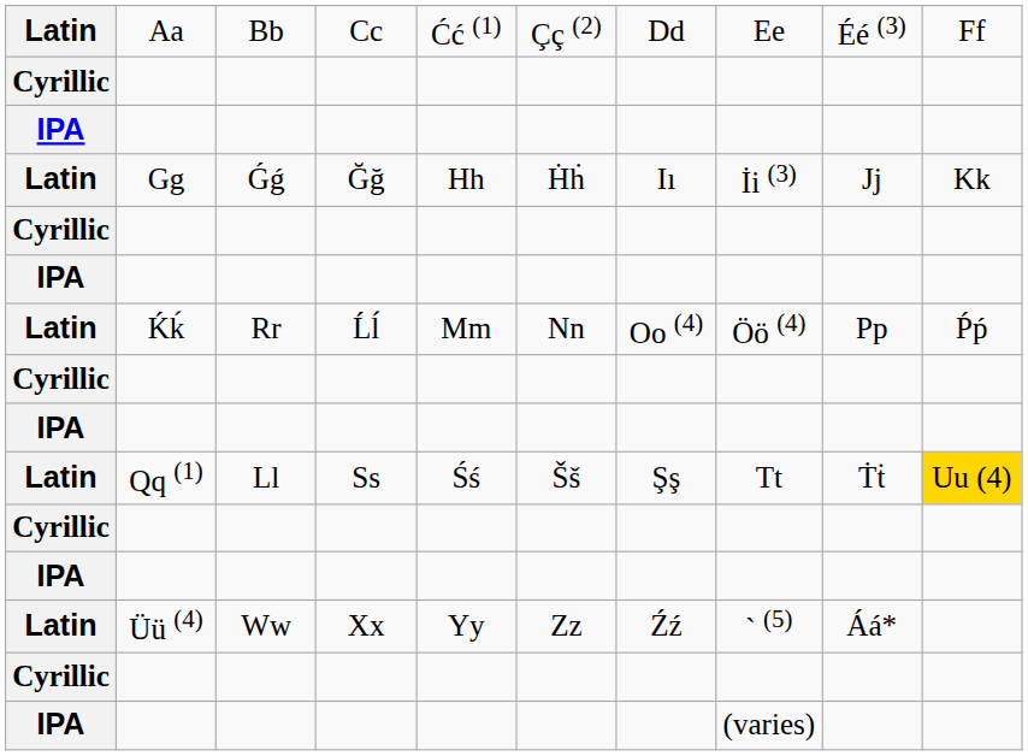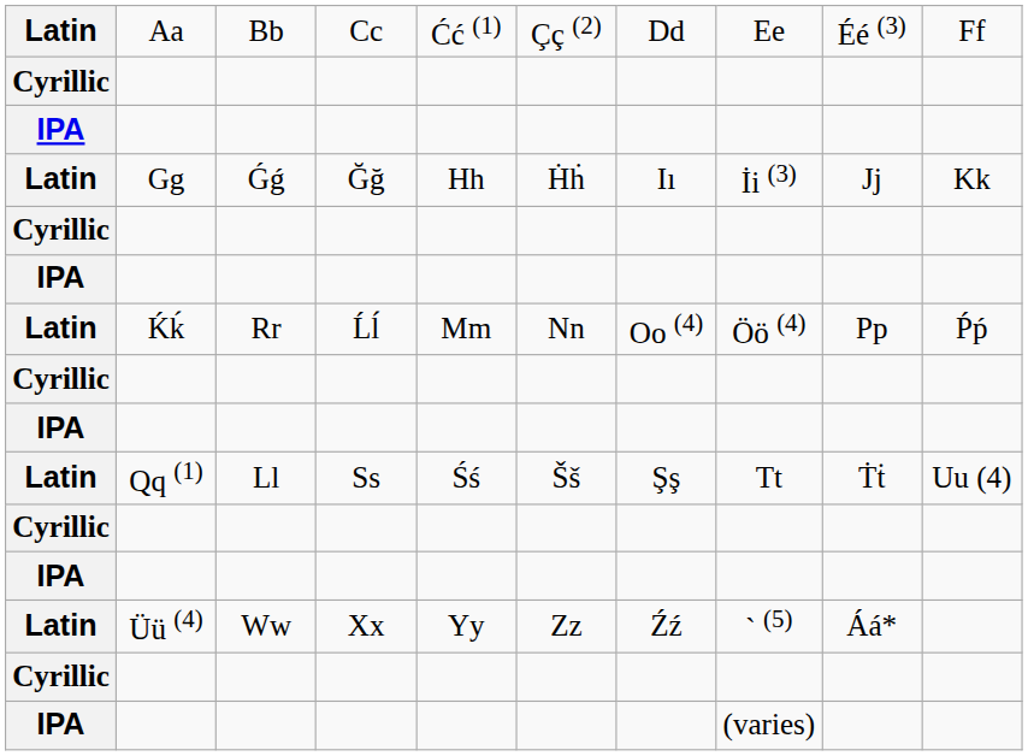 <table class="wikitable" style="font-family:Arial Unicode MS, serif, Universalia; font-size:1.4em; text-align:center;">
 <tr>
 <th style="font-family:sans-serif;">Latin</th>
 <td style="width:3em; padding: 3px;">Aa</td>
 <td style="width:3em; padding: 3px;">Bb</td>
 <td style="width:3em; padding: 3px;">Cc</td>
 <td style="width:3em; padding: 3px;">Ćć <sup>(1)</sup></td>
 <td style="width:3em; padding: 3px;">Çç <sup>(2)</sup></td>
 <td style="width:3em; padding: 3px;">Dd</td>
 <td style="width:3em; padding: 3px;">Ee</td>
 <td style="width:3em; padding: 3px;">Éé <sup>(3)</sup></td>
 <td style="width:3em; padding: 3px;">Ff</td>
 </tr>
 <tr>
 <th>Cyrillic</th>
 <td></td>
 <td></td>
 <td></td>
 <td></td>
 <td></td>
 <td></td>
 <td></td>
 <td></td>
 <td></td>
 </tr>
 <tr>
 <th style="font-family:sans-serif;"><a href='#'>IPA</a></th>
 <td></td>
 <td></td>
 <td></td>
 <td></td>
 <td></td>
 <td></td>
 <td></td>
 <td></td>
 <td></td>
 </tr>
 <tr>
 <th style="font-family:sans-serif;">Latin</th>
 <td style="width:3em; padding: 3px;">Gg</td>
 <td style="width:3em; padding: 3px;">Ǵǵ</td>
 <td style="width:3em; padding: 3px;">Ğğ</td>
 <td style="width:3em; padding: 3px;">Hh</td>
 <td style="width:3em; padding: 3px;">Ḣḣ</td>
 <td style="width:3em; padding: 3px;">Iı</td>
 <td style="width:3em; padding: 3px;">İi <sup>(3)</sup></td>
 <td style="width:3em; padding: 3px;">Jj</td>
 <td style="width:3em; padding: 3px;">Kk</td>
 </tr>
 <tr>
 <th>Cyrillic</th>
 <td></td>
 <td></td>
 <td></td>
 <td></td>
 <td></td>
 <td></td>
 <td></td>
 <td></td>
 <td></td>
 </tr>
 <tr>
 <th style="font-family:sans-serif;">IPA</th>
 <td></td>
 <td></td>
 <td></td>
 <td></td>
 <td></td>
 <td></td>
 <td></td>
 <td></td>
 <td></td>
 </tr>
 <tr>
 <th style="font-family:sans-serif;">Latin</th>
 <td style="width:3em; padding: 3px;">Ḱḱ</td>
 <td style="width:3em; padding: 3px;">Rr</td>
 <td style="width:3em; padding: 3px;">Ĺĺ</td>
 <td style="width:3em; padding: 3px;">Mm</td>
 <td style="width:3em; padding: 3px;">Nn</td>
 <td style="width:3em; padding: 3px;">Oo <sup>(4)</sup></td>
 <td style="width:3em; padding: 3px;">Öö <sup>(4)</sup></td>
 <td style="width:3em; padding: 3px;">Pp</td>
 <td style="width:3em; padding: 3px;">Ṕṕ</td>
 </tr>
 <tr>
 <th>Cyrillic</th>
 <td></td>
 <td></td>
 <td></td>
 <td></td>
 <td></td>
 <td></td>
 <td></td>
 <td></td>
 <td></td>
 </tr>
 <tr>
 <th style="font-family:sans-serif;">IPA</th>
 <td></td>
 <td></td>
 <td></td>
 <td></td>
 <td></td>
 <td></td>
 <td></td>
 <td></td>
 <td></td>
 </tr>
 <tr>
 <th style="font-family:sans-serif;">Latin</th>
 <td style="width:3em; padding: 3px;">Qq <sup>(1)</sup></td>
 <td style="width:3em; padding: 3px;">Ll</td>
 <td style="width:3em; padding: 3px;">Ss</td>
 <td style="width:3em; padding: 3px;">Śś</td>
 <td style="width:3em; padding: 3px;">Šš</td>
 <td style="width:3em; padding: 3px;">Şş</td>
 <td style="width:3em; padding: 3px;">Tt</td>
 <td style="width:3em; padding: 3px;">Ṫṫ</td>
-<td style="background: gold; width:3em; padding: 3px;">Uu (4)</td>
+<td style="width:3em; padding: 3px;">Uu (4)</td>
 </tr>
 <tr>
 <th>Cyrillic</th>
 <td></td>
 <td></td>
 <td></td>
 <td></td>
 <td></td>
 <td></td>
 <td></td>
 <td></td>
 <td></td>
 </tr>
 <tr>
 <th style="font-family:sans-serif;">IPA</th>
 <td></td>
 <td></td>
 <td></td>
 <td></td>
 <td></td>
 <td></td>
 <td></td>
 <td></td>
 <td></td>
 </tr>
 <tr>
 <th style="font-family:sans-serif;">Latin</th>
 <td style="width:3em; padding: 3px;">Üü <sup>(4)</sup></td>
 <td style="width:3em; padding: 3px;">Ww</td>
 <td style="width:3em; padding: 3px;">Xx</td>
 <td style="width:3em; padding: 3px;">Yy</td>
 <td style="width:3em; padding: 3px;">Zz</td>
 <td style="width:3em; padding: 3px;">Źź</td>
 <td style="width:3em; padding: 3px;">` <sup>(5)</sup></td>
 <td style="width:3em; padding: 3px;">Áá*</td>
 <td style="width:3em; padding: 3px;"></td>
 </tr>
 <tr>
 <th>Cyrillic</th>
 <td></td>
 <td></td>
 <td></td>
 <td></td>
 <td></td>
 <td></td>
 <td></td>
 <td></td>
 <td></td>
 </tr>
 <tr>
 <th style="font-family:sans-serif;">IPA</th>
 <td></td>
 <td></td>
 <td></td>
 <td></td>
 <td></td>
 <td></td>
 <td>(varies)</td>
 <td></td>
 <td></td>
 </tr>
 </table>
